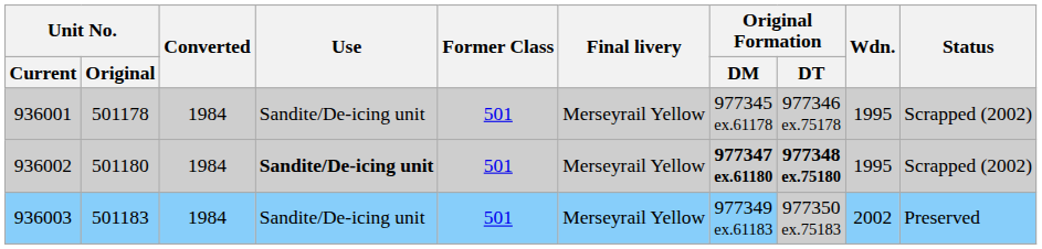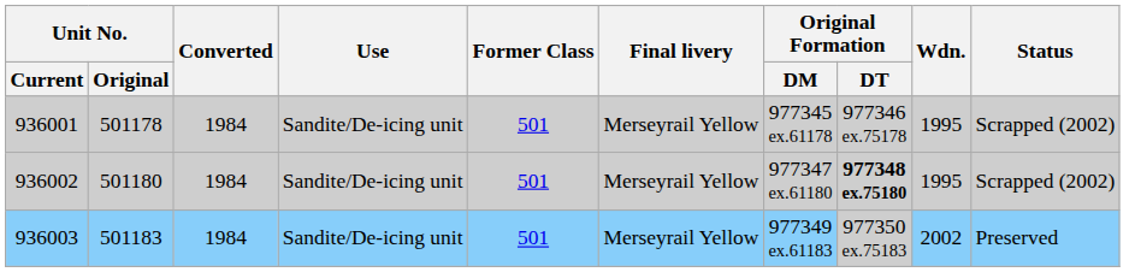 <table class="wikitable">
 <tr>
 <th colspan=2>Unit No.</th>
 <th rowspan=2>Converted</th>
 <th rowspan=2 align=left>Use</th>
 <th rowspan=2>Former Class</th>
 <th rowspan=2 align=left>Final livery</th>
 <th colspan=2>Original Formation</th>
 <th rowspan=2>Wdn.</th>
 <th rowspan=2 align=left>Status</th>
 </tr>
 <tr>
 <th>Current</th>
 <th>Original</th>
 <th width=45>DM</th>
 <th width=45>DT</th>
 </tr>
 <tr>
 <td style="background-color:#CECECE" align=center>936001</td>
 <td style="background-color:#CECECE" align=center>501178</td>
 <td style="background-color:#CECECE" align=center>1984</td>
 <td style="background-color:#CECECE">Sandite/De-icing unit</td>
 <td style="background-color:#CECECE" align=center><a href='#'>501</a></td>
 <td style="background-color:#CECECE">Merseyrail Yellow</td>
 <td style="background-color:#CECECE" align=center>977345 <small>ex.61178</small></td>
 <td style="background-color:#CECECE" align=center>977346 <small>ex.75178</small></td>
 <td style="background-color:#CECECE" align=center>1995</td>
 <td style="background-color:#CECECE">Scrapped (2002)</td>
 </tr>
 <tr>
 <td style="background-color:#CECECE" align=center>936002</td>
 <td style="background-color:#CECECE" align=center>501180</td>
 <td style="background-color:#CECECE" align=center>1984</td>
-<td style="background-color:#CECECE"><strong>Sandite/De-icing unit</strong></td>
+<td style="background-color:#CECECE">Sandite/De-icing unit</td>
 <td style="background-color:#CECECE" align=center><a href='#'>501</a></td>
 <td style="background-color:#CECECE">Merseyrail Yellow</td>
-<td style="background-color:#CECECE" align=center><strong>977347 <small>ex.61180</small></strong></td>
+<td style="background-color:#CECECE" align=center>977347 <small>ex.61180</small></td>
 <td style="background-color:#CECECE" align=center><strong>977348 <small>ex.75180</small></strong></td>
 <td style="background-color:#CECECE" align=center>1995</td>
 <td style="background-color:#CECECE">Scrapped (2002)</td>
 </tr>
 <tr>
 <td style="background-color:#87cefa" align=center>936003</td>
 <td style="background-color:#87cefa" align=center>501183</td>
 <td style="background-color:#87cefa" align=center>1984</td>
 <td style="background-color:#87cefa">Sandite/De-icing unit</td>
 <td style="background-color:#87cefa" align=center><a href='#'>501</a></td>
 <td style="background-color:#87cefa">Merseyrail Yellow</td>
 <td style="background-color:#87cefa" align=center>977349 <small>ex.61183</small></td>
 <td style="background-color:#CECECE" align=center>977350 <small>ex.75183</small></td>
 <td style="background-color:#87cefa" align=center>2002</td>
 <td style="background-color:#87cefa">Preserved</td>
 </tr>
 <tr>
 </tr>
 </table>
